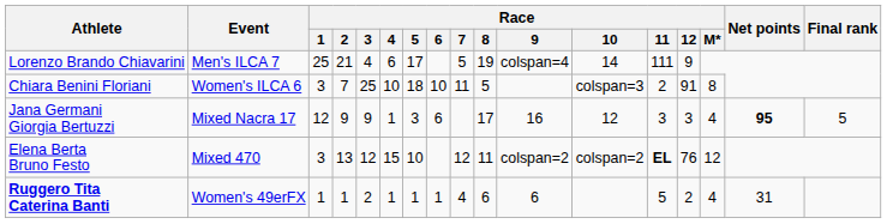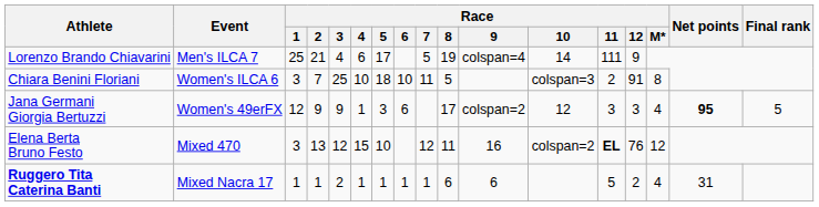 <table class="wikitable" style="font-size:90%">
 <tr>
 <th rowspan="2">Athlete</th>
 <th rowspan="2">Event</th>
 <th colspan="13">Race</th>
 <th rowspan=2>Net points</th>
 <th rowspan=2>Final rank</th>
 </tr>
 <tr style="font-size:95%">
 <th>1</th>
 <th>2</th>
 <th>3</th>
 <th>4</th>
 <th>5</th>
 <th>6</th>
 <th>7</th>
 <th>8</th>
 <th>9</th>
 <th>10</th>
 <th>11</th>
 <th>12</th>
 <th>M*</th>
 </tr>
 <tr align=center>
 <td align=left><a href='#'>Lorenzo Brando Chiavarini</a></td>
 <td align=left><a href='#'>Men's ILCA 7</a></td>
 <td>25</td>
 <td>21</td>
 <td>4</td>
 <td>6</td>
 <td>17</td>
 <td></td>
 <td>5</td>
 <td>19</td>
 <td>colspan=4 </td>
 <td>14</td>
 <td>111</td>
 <td>9</td>
 </tr>
 <tr align=center>
 <td align=left><a href='#'>Chiara Benini Floriani</a></td>
 <td align=left><a href='#'>Women's ILCA 6</a></td>
 <td>3</td>
 <td>7</td>
 <td>25</td>
 <td>10</td>
 <td>18</td>
 <td>10</td>
 <td>11</td>
 <td>5</td>
 <td></td>
 <td>colspan=3 </td>
 <td>2</td>
 <td>91</td>
 <td>8</td>
 </tr>
 <tr align=center>
 <td align=left><a href='#'>Jana Germani</a> <br><a href='#'>Giorgia Bertuzzi</a></td>
-<td align=left><a href='#'>Mixed Nacra 17</a></td>
+<td align=left><a href='#'>Women's 49erFX</a></td>
 <td>12</td>
 <td>9</td>
 <td>9</td>
 <td>1</td>
 <td>3</td>
 <td>6</td>
 <td></td>
 <td>17</td>
-<td>16</td>
+<td>colspan=2 </td>
 <td>12</td>
 <td>3</td>
 <td>3</td>
 <td>4</td>
 <td><strong>95</strong></td>
 <td>5</td>
 </tr>
 <tr align=center>
 <td align=left><a href='#'>Elena Berta</a><br><a href='#'>Bruno Festo</a></td>
 <td align=left><a href='#'>Mixed 470</a></td>
 <td>3</td>
 <td>13</td>
 <td>12</td>
 <td>15</td>
 <td>10</td>
 <td></td>
 <td>12</td>
 <td>11</td>
-<td>colspan=2 </td>
+<td>16</td>
 <td>colspan=2 </td>
 <td><strong>EL</strong></td>
 <td>76</td>
 <td>12</td>
 </tr>
 <tr align=center>
 <td align=left><strong><a href='#'>Ruggero Tita</a><br><a href='#'>Caterina Banti</a></strong></td>
-<td align=left><a href='#'>Women's 49erFX</a></td>
+<td align=left><a href='#'>Mixed Nacra 17</a></td>
 <td>1</td>
 <td>1</td>
 <td>2</td>
 <td>1</td>
 <td>1</td>
 <td>1</td>
-<td>4</td>
+<td>1</td>
 <td>6</td>
 <td>6</td>
 <td></td>
 <td>5</td>
 <td>2</td>
 <td>4</td>
 <td>31</td>
 <td></td>
 </tr>
 </table>
